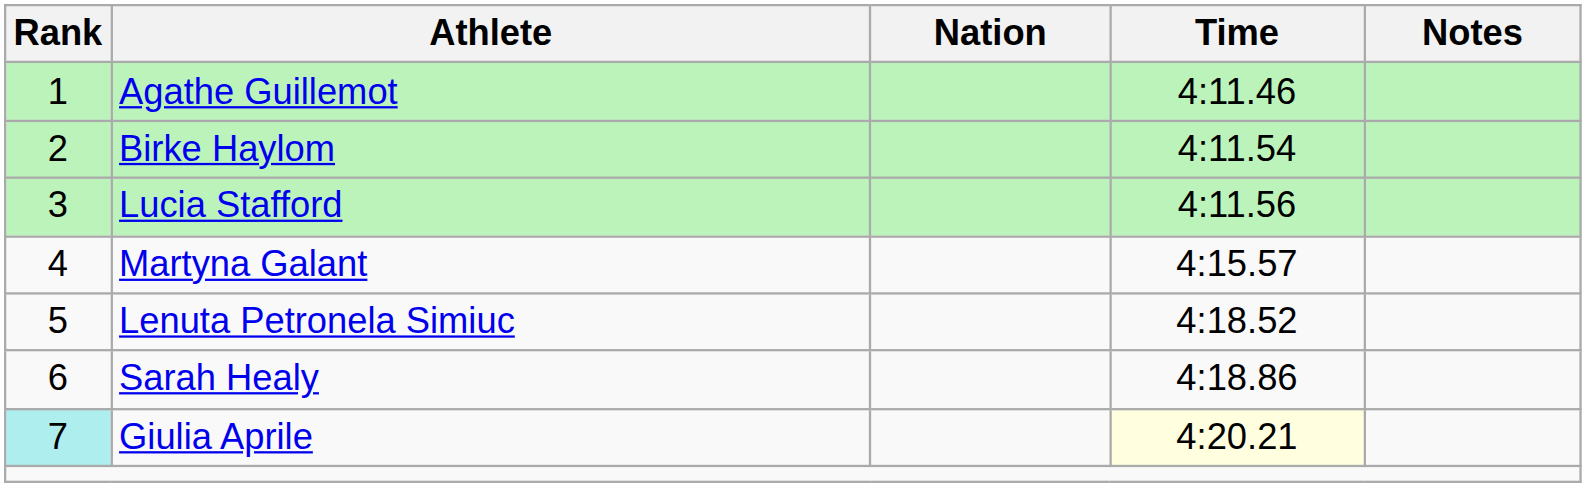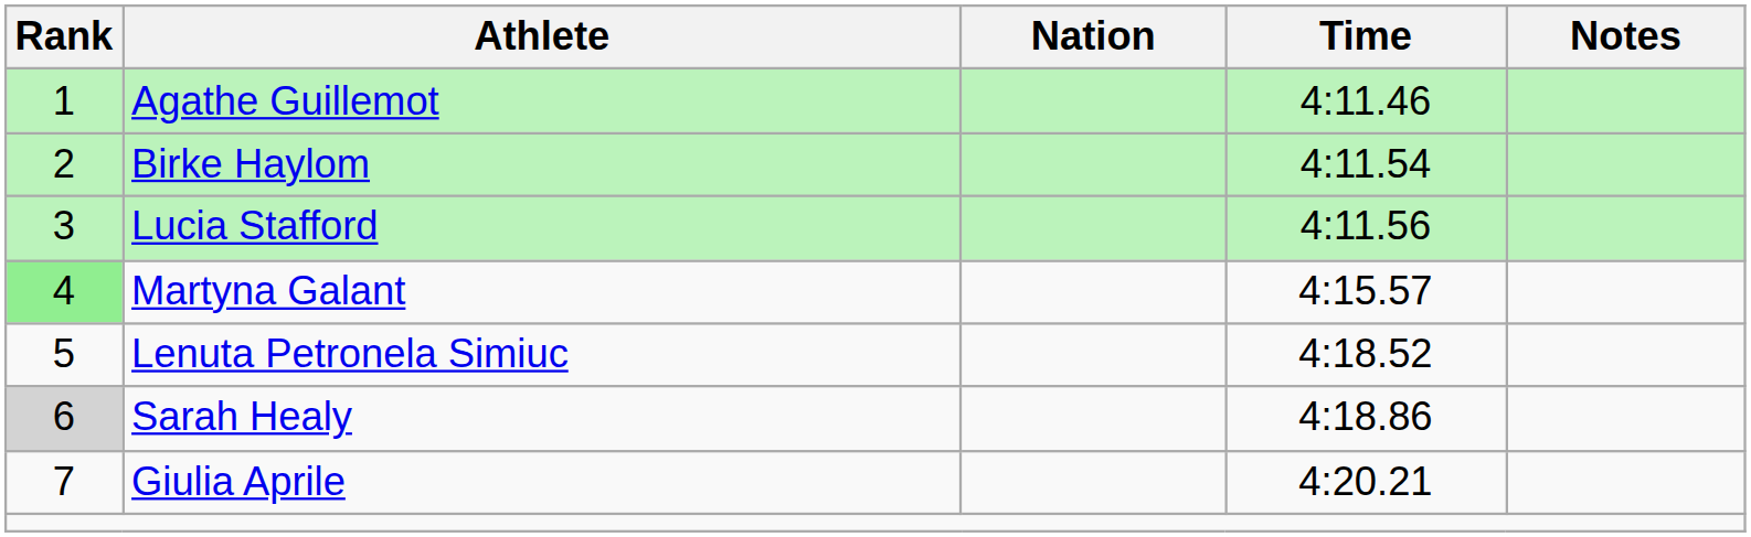 <table class="wikitable sortable" style="text-align:center;width: 55%;">
 <tr>
 <th scope="col" style="width: 10px;">Rank</th>
 <th scope="col">Athlete</th>
 <th scope="col">Nation</th>
 <th scope="col">Time</th>
 <th scope="col">Notes</th>
 </tr>
 <tr bgcolor=bbf3bb>
 <td>1</td>
 <td align=left><a href='#'>Agathe Guillemot</a></td>
 <td align=left></td>
 <td>4:11.46</td>
 <td></td>
 </tr>
 <tr bgcolor=bbf3bb>
 <td>2</td>
 <td align=left><a href='#'>Birke Haylom</a></td>
 <td align=left></td>
 <td>4:11.54</td>
 <td></td>
 </tr>
 <tr bgcolor=bbf3bb>
 <td>3</td>
 <td align=left><a href='#'>Lucia Stafford</a></td>
 <td align=left></td>
 <td>4:11.56</td>
 <td></td>
 </tr>
 <tr>
-<td>4</td>
+<td style="background: lightgreen;">4</td>
 <td align=left><a href='#'>Martyna Galant</a></td>
 <td align=left></td>
 <td>4:15.57</td>
 <td></td>
 </tr>
 <tr>
 <td>5</td>
 <td align=left><a href='#'>Lenuta Petronela Simiuc</a></td>
 <td align=left></td>
 <td>4:18.52</td>
 <td></td>
 </tr>
 <tr>
-<td>6</td>
+<td style="background: lightgrey;">6</td>
 <td align=left><a href='#'>Sarah Healy</a></td>
 <td align=left></td>
 <td>4:18.86</td>
 <td></td>
 </tr>
 <tr>
-<td style="background: paleturquoise;">7</td>
+<td>7</td>
 <td align=left><a href='#'>Giulia Aprile</a></td>
 <td align=left></td>
-<td style="background: lightyellow;">4:20.21</td>
+<td>4:20.21</td>
 <td></td>
 </tr>
 <tr class="sortbottom">
 <td colspan="5"></td>
 </tr>
 </table>
